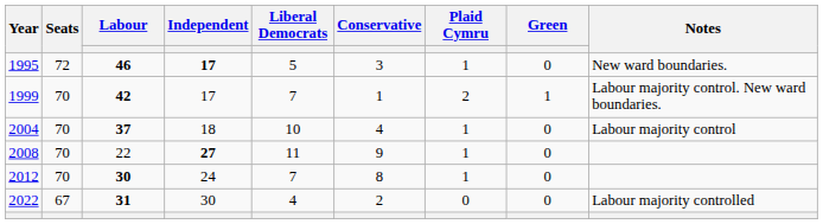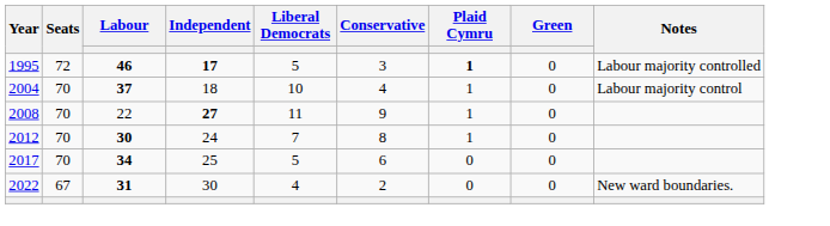 <table class="wikitable" style=text-align:center>
 <tr>
 <th rowspan=2>Year</th>
 <th rowspan=2>Seats</th>
 <th width="80"><a href='#'>Labour</a></th>
 <th width="80"><a href='#'>Independent</a></th>
 <th width="80"><a href='#'>Liberal Democrats</a></th>
 <th width="80"><a href='#'>Conservative</a></th>
 <th width="80"><a href='#'>Plaid Cymru</a></th>
 <th width="80"><a href='#'>Green</a></th>
 <th rowspan=2>Notes</th>
 </tr>
 <tr>
 <th style="background-color: "></th>
 <th style="background-color: "></th>
 <th style="background-color: "></th>
 <th style="background-color: "></th>
 <th style="background-color: "></th>
 <th style="background-color: "></th>
 </tr>
 <tr>
 <td><a href='#'>1995</a></td>
 <td>72</td>
 <td><strong>46</strong></td>
 <td><strong>17</strong></td>
 <td>5</td>
 <td>3</td>
-<td>1</td>
+<td><strong>1</strong></td>
 <td>0</td>
-<td align=left>New ward boundaries.</td>
-</tr>
-<tr>
-<td><a href='#'>1999</a></td>
-<td>70</td>
-<td><strong>42</strong></td>
-<td>17</td>
-<td>7</td>
-<td>1</td>
-<td>2</td>
-<td>1</td>
-<td align=left>Labour majority control. New ward boundaries.</td>
+<td align=left>Labour majority controlled</td>
 </tr>
 <tr>
 <td><a href='#'>2004</a></td>
 <td>70</td>
 <td><strong>37</strong></td>
 <td>18</td>
 <td>10</td>
 <td>4</td>
 <td>1</td>
 <td>0</td>
 <td align=left>Labour majority control</td>
 </tr>
 <tr>
 <td><a href='#'>2008</a></td>
 <td>70</td>
 <td>22</td>
 <td><strong>27</strong></td>
 <td>11</td>
 <td>9</td>
 <td>1</td>
 <td>0</td>
 <td></td>
 </tr>
 <tr>
 <td><a href='#'>2012</a></td>
 <td>70</td>
 <td><strong>30</strong></td>
 <td>24</td>
 <td>7</td>
 <td>8</td>
 <td>1</td>
 <td>0</td>
 <td></td>
 </tr>
 <tr>
+<td><a href='#'>2017</a></td>
+<td>70</td>
+<td><strong>34</strong></td>
+<td>25</td>
+<td>5</td>
+<td>6</td>
+<td>0</td>
+<td>0</td>
+<td></td>
+</tr>
+<tr>
 <td><a href='#'>2022</a></td>
 <td>67</td>
 <td><strong>31</strong></td>
 <td>30</td>
 <td>4</td>
 <td>2</td>
 <td>0</td>
 <td>0</td>
-<td align=left>Labour majority controlled</td>
+<td align=left>New ward boundaries.</td>
 </tr>
 <tr>
 <th></th>
 <th></th>
 <th style="background-color: "></th>
 <th style="background-color: "></th>
 <th style="background-color: "></th>
 <th style="background-color: "></th>
 <th style="background-color: "></th>
 <th style="background-color: "></th>
 <th></th>
 </tr>
 </table>
